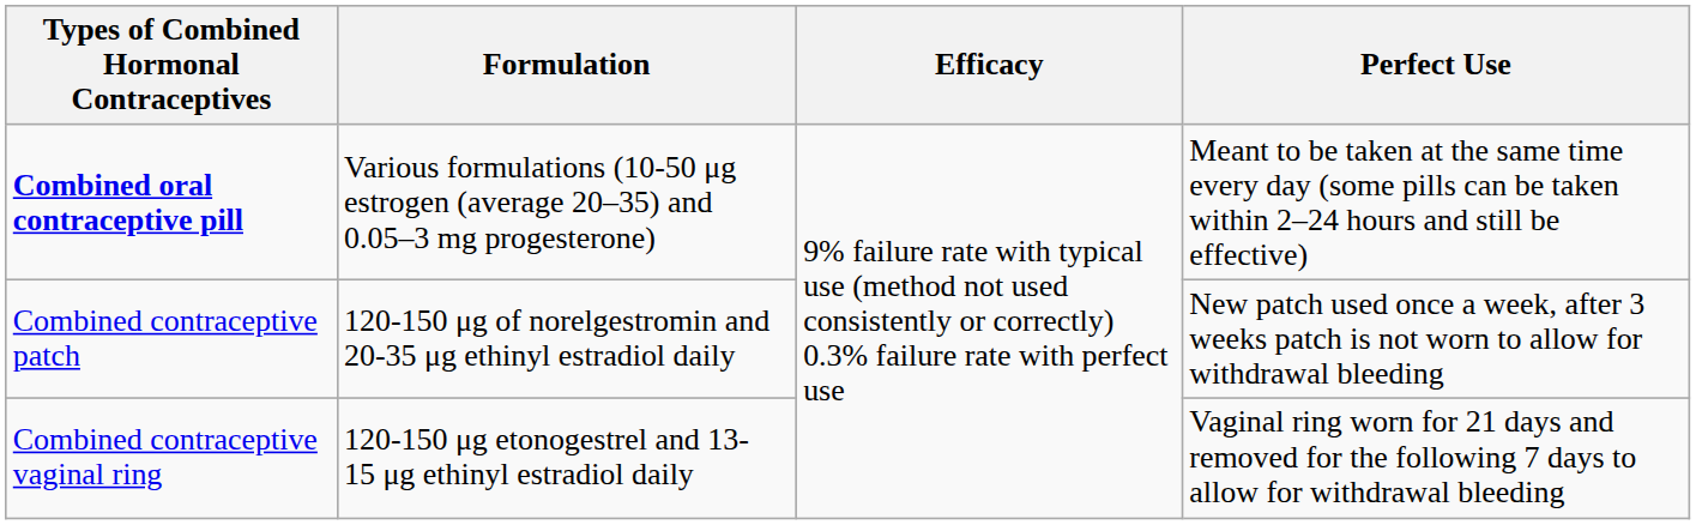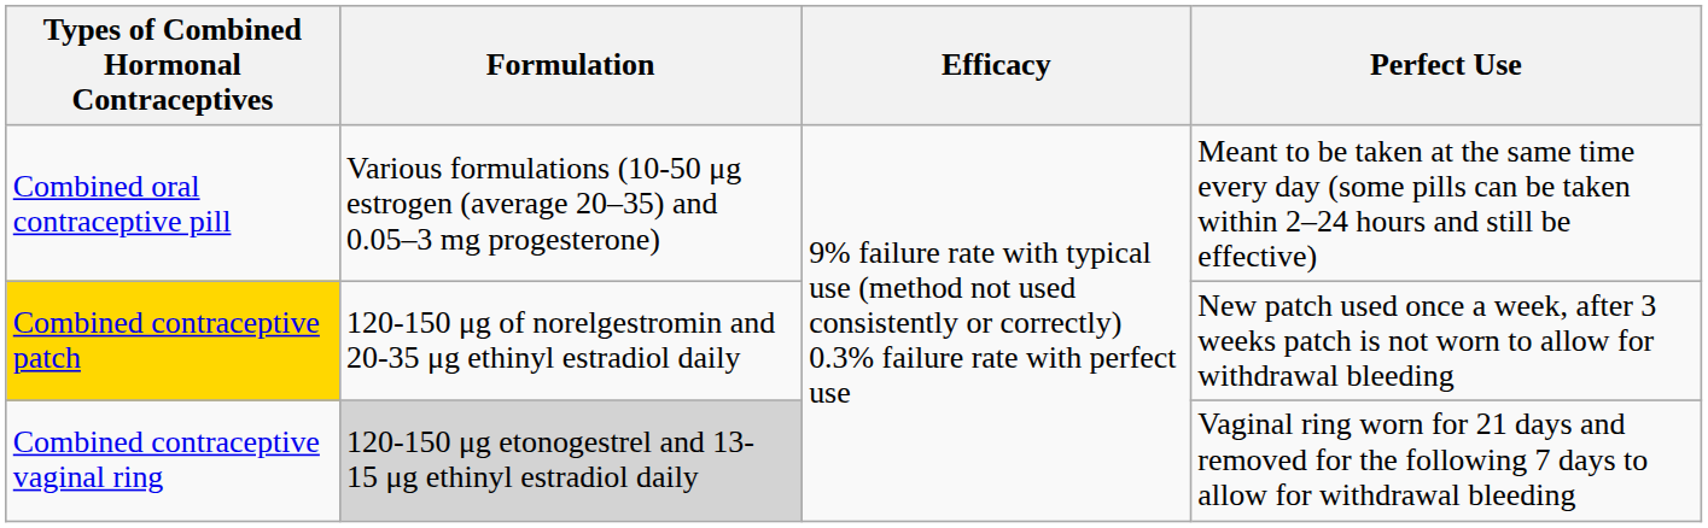 <table class="wikitable">
 <tr>
 <th>Types of Combined Hormonal Contraceptives</th>
 <th>Formulation</th>
 <th>Efficacy</th>
 <th>Perfect Use</th>
 </tr>
 <tr>
-<td><strong><a href='#'>Combined oral contraceptive pill</a></strong></td>
+<td><a href='#'>Combined oral contraceptive pill</a></td>
 <td>Various formulations (10-50 μg estrogen (average 20–35)  and 0.05–3 mg progesterone)</td>
 <td rowspan="3">9% failure rate with typical use (method not used consistently or correctly)<br>0.3% failure rate with perfect use<br></td>
 <td>Meant to be taken at the same time every day (some pills can be taken within 2–24 hours and still be effective)</td>
 </tr>
 <tr>
-<td><a href='#'>Combined contraceptive patch</a></td>
+<td style="background: gold;"><a href='#'>Combined contraceptive patch</a></td>
 <td>120-150 μg of norelgestromin and 20-35 μg ethinyl estradiol daily</td>
 <td>New patch used once a week, after 3 weeks patch is not worn to allow for withdrawal bleeding</td>
 </tr>
 <tr>
 <td><a href='#'>Combined contraceptive vaginal ring</a></td>
-<td>120-150 μg etonogestrel and 13-15 μg ethinyl estradiol daily</td>
+<td style="background: lightgrey;">120-150 μg etonogestrel and 13-15 μg ethinyl estradiol daily</td>
 <td>Vaginal ring worn for 21 days and removed for the following 7 days to allow for withdrawal bleeding</td>
 </tr>
 </table>
